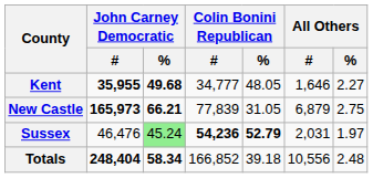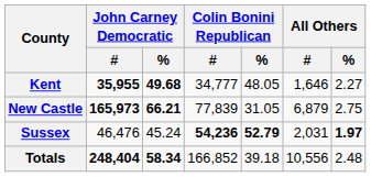 <table class="wikitable sortable" style="text-align:right;font-size:90%;line-height:1.3">
 <tr>
 <th rowspan="2">County</th>
 <th colspan="2"><a href='#'>John Carney</a><br><a href='#'>Democratic</a></th>
 <th colspan="2"><a href='#'>Colin Bonini</a><br><a href='#'>Republican</a></th>
 <th colspan="2">All Others</th>
 </tr>
 <tr>
 <th data-sort-type="number">#</th>
 <th data-sort-type="number">%</th>
 <th data-sort-type="number">#</th>
 <th data-sort-type="number">%</th>
 <th data-sort-type="number">#</th>
 <th data-sort-type="number">%</th>
 </tr>
 <tr>
 <th><a href='#'>Kent</a></th>
 <td><strong>35,955</strong></td>
 <td><strong>49.68</strong></td>
 <td>34,777</td>
 <td>48.05</td>
 <td>1,646</td>
 <td>2.27</td>
 </tr>
 <tr>
 <th><a href='#'>New Castle</a></th>
 <td><strong>165,973</strong></td>
 <td><strong>66.21</strong></td>
 <td>77,839</td>
 <td>31.05</td>
 <td>6,879</td>
 <td>2.75</td>
 </tr>
 <tr>
 <th><a href='#'>Sussex</a></th>
 <td>46,476</td>
-<td style="background: lightgreen;">45.24</td>
+<td>45.24</td>
 <td><strong>54,236</strong></td>
 <td><strong>52.79</strong></td>
 <td>2,031</td>
-<td>1.97</td>
+<td><strong>1.97</strong></td>
 </tr>
 <tr class="sortbottom">
 <th>Totals</th>
 <td><strong>248,404</strong></td>
 <td><strong>58.34</strong></td>
 <td>166,852</td>
 <td>39.18</td>
 <td>10,556</td>
 <td>2.48</td>
 </tr>
 </table>
